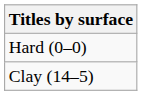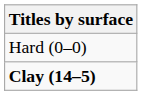 <table class=wikitable style=font-size:97% align=left>
 <tr>
 <th>Titles by surface</th>
 </tr>
 <tr>
 <td>Hard (0–0)</td>
 </tr>
 <tr>
-<td>Clay (14–5)</td>
+<td><strong>Clay (14–5)</strong></td>
 </tr>
 </table>
